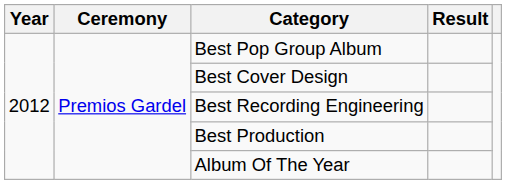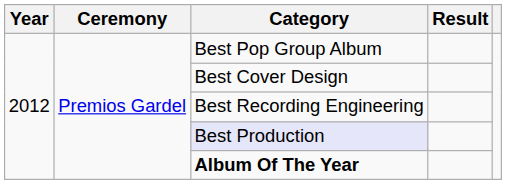 <table class="wikitable sortable plainrowheaders">
 <tr>
 <th scope="col">Year</th>
 <th scope="col">Ceremony</th>
 <th scope="col">Category</th>
 <th scope="col">Result</th>
 <th scope="col" class="unsortable"></th>
 </tr>
 <tr>
 <td rowspan="5" align="center">2012</td>
 <td rowspan="5"><a href='#'>Premios Gardel</a></td>
 <td>Best Pop Group Album</td>
 <td></td>
 <td rowspan="5" align="center"></td>
 </tr>
 <tr>
 <td>Best Cover Design</td>
 <td></td>
 </tr>
 <tr>
 <td>Best Recording Engineering</td>
 <td></td>
 </tr>
 <tr>
-<td>Best Production</td>
+<td style="background: lavender;">Best Production</td>
 <td></td>
 </tr>
 <tr>
-<td>Album Of The Year</td>
+<td><strong>Album Of The Year</strong></td>
 <td></td>
 </tr>
 </table>
